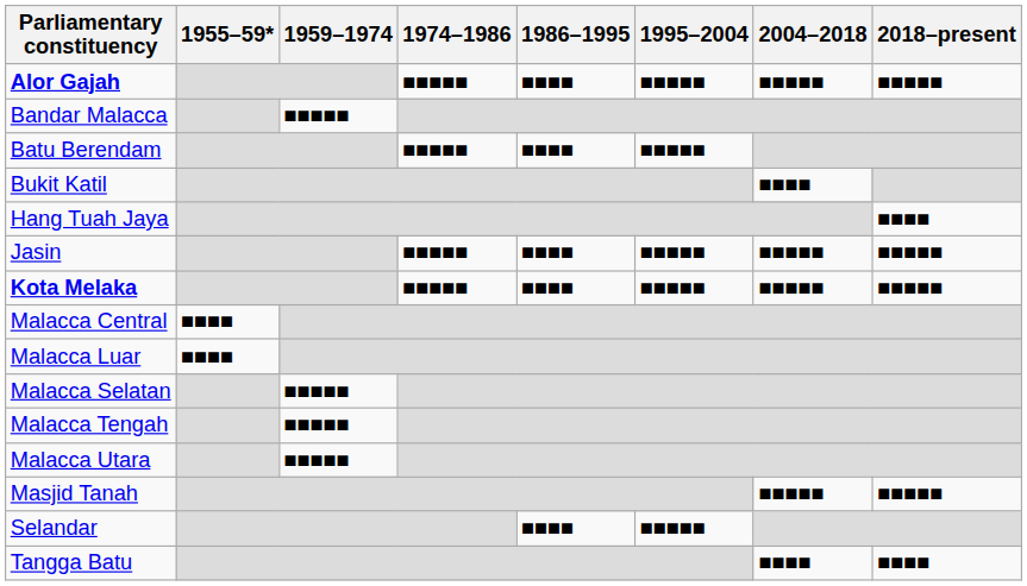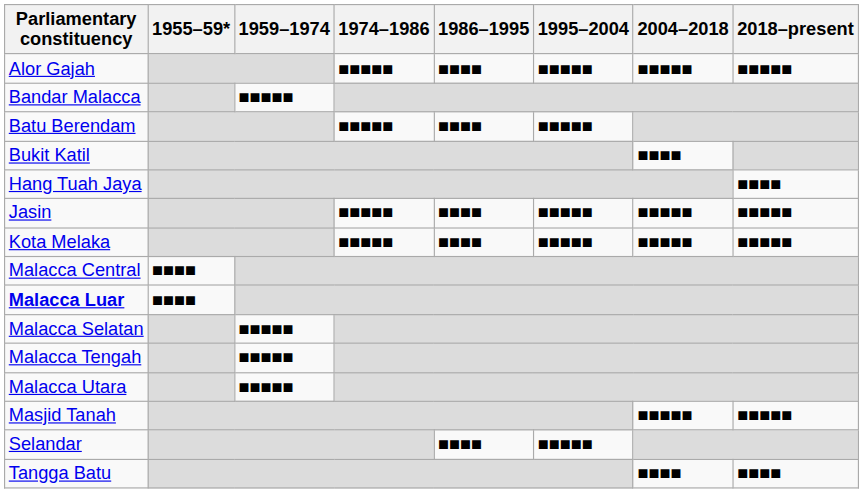 <table class=wikitable>
 <tr>
 <th>Parliamentary<br>constituency</th>
 <th>1955–59*</th>
 <th>1959–1974</th>
 <th>1974–1986</th>
 <th>1986–1995</th>
 <th>1995–2004</th>
 <th>2004–2018</th>
 <th>2018–present</th>
 </tr>
 <tr>
-<td><strong><a href='#'>Alor Gajah</a></strong></td>
+<td><a href='#'>Alor Gajah</a></td>
 <td colspan="2" bgcolor="dcdcdc"></td>
 <td>■■■■■</td>
 <td>■■■■</td>
 <td>■■■■■</td>
 <td>■■■■■</td>
 <td>■■■■■</td>
 </tr>
 <tr>
 <td><a href='#'>Bandar Malacca</a></td>
 <td bgcolor="dcdcdc"></td>
 <td>■■■■■</td>
 <td colspan=5 bgcolor=dcdcdc></td>
 </tr>
 <tr>
 <td><a href='#'>Batu Berendam</a></td>
 <td colspan="2" bgcolor="dcdcdc"></td>
 <td>■■■■■</td>
 <td>■■■■</td>
 <td>■■■■■</td>
 <td colspan=2 bgcolor=dcdcdc></td>
 </tr>
 <tr>
 <td><a href='#'>Bukit Katil</a></td>
 <td colspan="5" bgcolor="dcdcdc"></td>
 <td>■■■■</td>
 <td bgcolor=dcdcdc></td>
 </tr>
 <tr>
 <td><a href='#'>Hang Tuah Jaya</a></td>
 <td colspan="6" bgcolor="dcdcdc"></td>
 <td>■■■■</td>
 </tr>
 <tr>
 <td><a href='#'>Jasin</a></td>
 <td colspan="2" bgcolor="dcdcdc"></td>
 <td>■■■■■</td>
 <td>■■■■</td>
 <td>■■■■■</td>
 <td>■■■■■</td>
 <td>■■■■■</td>
 </tr>
 <tr>
-<td><strong><a href='#'>Kota Melaka</a></strong></td>
+<td><a href='#'>Kota Melaka</a></td>
 <td colspan="2" bgcolor="dcdcdc"></td>
 <td>■■■■■</td>
 <td>■■■■</td>
 <td>■■■■■</td>
 <td>■■■■■</td>
 <td>■■■■■</td>
 </tr>
 <tr>
 <td><a href='#'>Malacca Central</a></td>
 <td>■■■■</td>
 <td colspan=6 bgcolor=dcdcdc></td>
 </tr>
 <tr>
-<td><a href='#'>Malacca Luar</a></td>
+<td><strong><a href='#'>Malacca Luar</a></strong></td>
 <td>■■■■</td>
 <td colspan=6 bgcolor=dcdcdc></td>
 </tr>
 <tr>
 <td><a href='#'>Malacca Selatan</a></td>
 <td bgcolor="dcdcdc"></td>
 <td>■■■■■</td>
 <td colspan=5 bgcolor=dcdcdc></td>
 </tr>
 <tr>
 <td><a href='#'>Malacca Tengah</a></td>
 <td bgcolor="dcdcdc"></td>
 <td>■■■■■</td>
 <td colspan=5 bgcolor=dcdcdc></td>
 </tr>
 <tr>
 <td><a href='#'>Malacca Utara</a></td>
 <td bgcolor="dcdcdc"></td>
 <td>■■■■■</td>
 <td colspan=5 bgcolor=dcdcdc></td>
 </tr>
 <tr>
 <td><a href='#'>Masjid Tanah</a></td>
 <td colspan="5" bgcolor="dcdcdc"></td>
 <td>■■■■■</td>
 <td>■■■■■</td>
 </tr>
 <tr>
 <td><a href='#'>Selandar</a></td>
 <td colspan="3" bgcolor="dcdcdc"></td>
 <td>■■■■</td>
 <td>■■■■■</td>
 <td colspan=2 bgcolor=dcdcdc></td>
 </tr>
 <tr>
 <td><a href='#'>Tangga Batu</a></td>
 <td colspan="5" bgcolor="dcdcdc"></td>
 <td>■■■■</td>
 <td>■■■■</td>
 </tr>
 </table>
